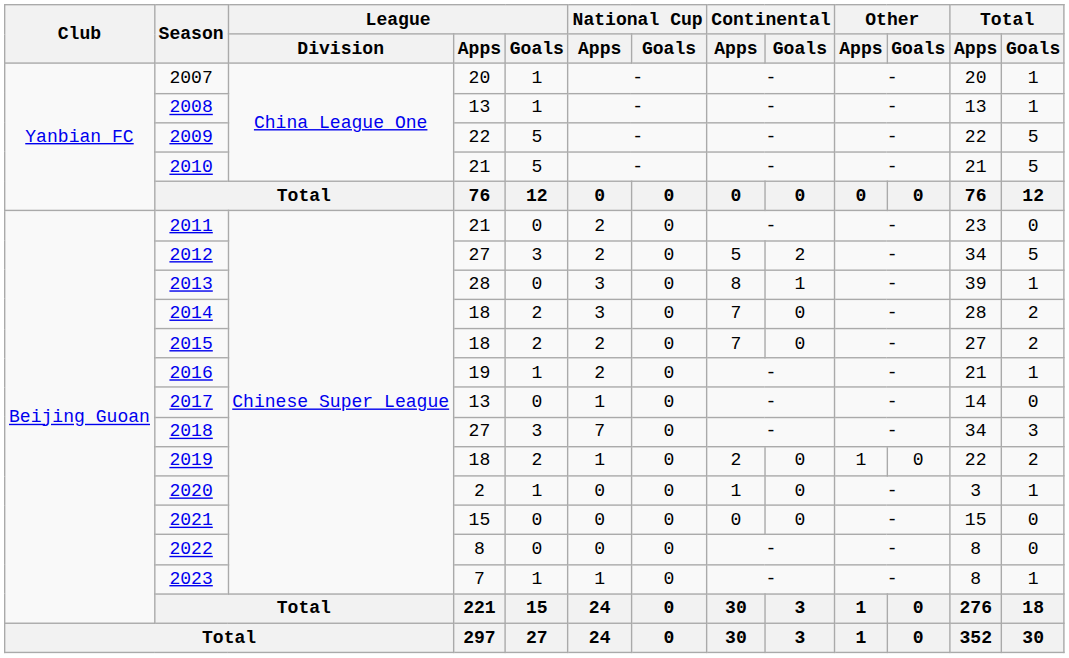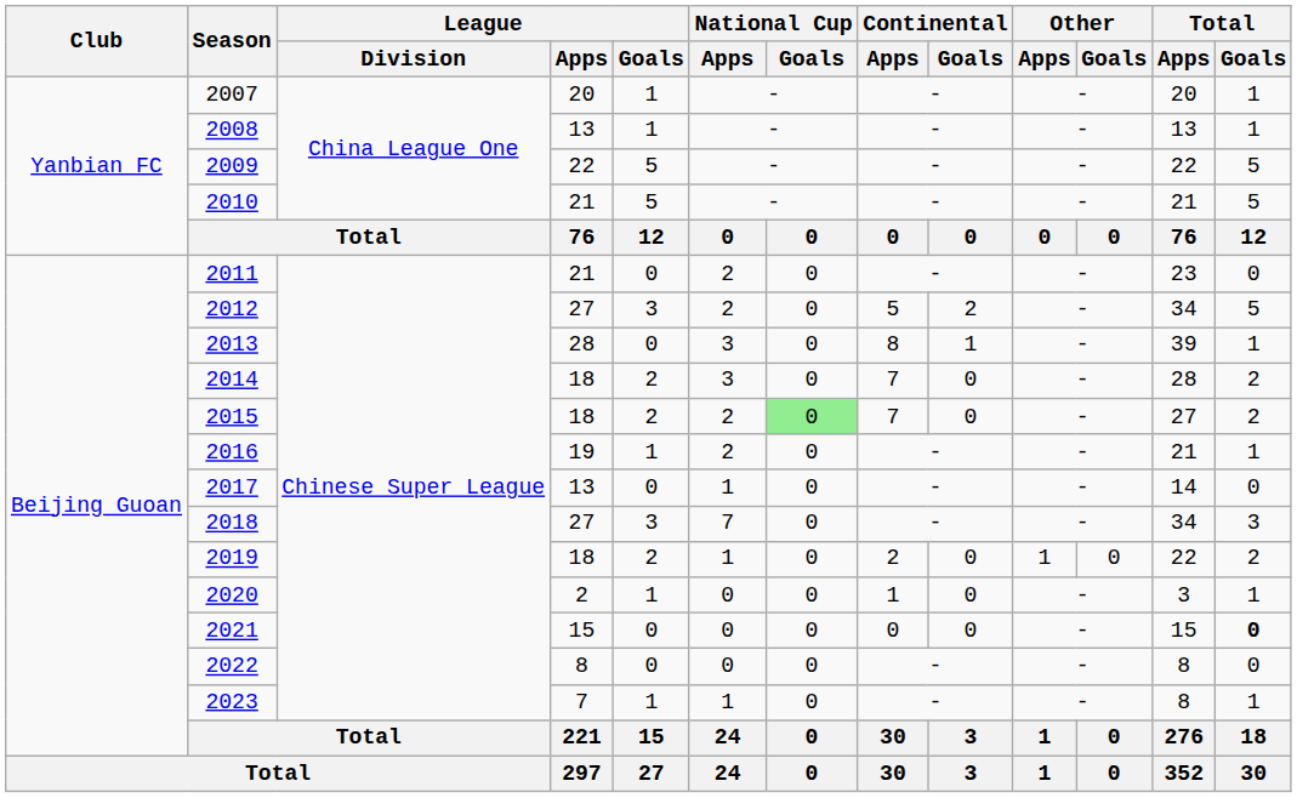 <table class="wikitable" style="text-align: center">
 <tr>
 <th rowspan="2">Club</th>
 <th rowspan="2">Season</th>
 <th colspan="3">League</th>
 <th colspan="2">National Cup</th>
 <th colspan="2">Continental</th>
 <th colspan="2">Other</th>
 <th colspan="2">Total</th>
 </tr>
 <tr>
 <th>Division</th>
 <th>Apps</th>
 <th>Goals</th>
 <th>Apps</th>
 <th>Goals</th>
 <th>Apps</th>
 <th>Goals</th>
 <th>Apps</th>
 <th>Goals</th>
 <th>Apps</th>
 <th>Goals</th>
 </tr>
 <tr>
 <td rowspan="5"><a href='#'>Yanbian FC</a></td>
 <td>2007</td>
 <td rowspan="4"><a href='#'>China League One</a></td>
 <td>20</td>
 <td>1</td>
 <td colspan="2">-</td>
 <td colspan="2">-</td>
 <td colspan="2">-</td>
 <td>20</td>
 <td>1</td>
 </tr>
 <tr>
 <td><a href='#'>2008</a></td>
 <td>13</td>
 <td>1</td>
 <td colspan="2">-</td>
 <td colspan="2">-</td>
 <td colspan="2">-</td>
 <td>13</td>
 <td>1</td>
 </tr>
 <tr>
 <td><a href='#'>2009</a></td>
 <td>22</td>
 <td>5</td>
 <td colspan="2">-</td>
 <td colspan="2">-</td>
 <td colspan="2">-</td>
 <td>22</td>
 <td>5</td>
 </tr>
 <tr>
 <td><a href='#'>2010</a></td>
 <td>21</td>
 <td>5</td>
 <td colspan="2">-</td>
 <td colspan="2">-</td>
 <td colspan="2">-</td>
 <td>21</td>
 <td>5</td>
 </tr>
 <tr>
 <th colspan="2"><strong>Total</strong></th>
 <th>76</th>
 <th>12</th>
 <th>0</th>
 <th>0</th>
 <th>0</th>
 <th>0</th>
 <th>0</th>
 <th>0</th>
 <th>76</th>
 <th>12</th>
 </tr>
 <tr>
 <td rowspan="14"><a href='#'>Beijing Guoan</a></td>
 <td><a href='#'>2011</a></td>
 <td rowspan="13"><a href='#'>Chinese Super League</a></td>
 <td>21</td>
 <td>0</td>
 <td>2</td>
 <td>0</td>
 <td colspan="2">-</td>
 <td colspan="2">-</td>
 <td>23</td>
 <td>0</td>
 </tr>
 <tr>
 <td><a href='#'>2012</a></td>
 <td>27</td>
 <td>3</td>
 <td>2</td>
 <td>0</td>
 <td>5</td>
 <td>2</td>
 <td colspan="2">-</td>
 <td>34</td>
 <td>5</td>
 </tr>
 <tr>
 <td><a href='#'>2013</a></td>
 <td>28</td>
 <td>0</td>
 <td>3</td>
 <td>0</td>
 <td>8</td>
 <td>1</td>
 <td colspan="2">-</td>
 <td>39</td>
 <td>1</td>
 </tr>
 <tr>
 <td><a href='#'>2014</a></td>
 <td>18</td>
 <td>2</td>
 <td>3</td>
 <td>0</td>
 <td>7</td>
 <td>0</td>
 <td colspan="2">-</td>
 <td>28</td>
 <td>2</td>
 </tr>
 <tr>
 <td><a href='#'>2015</a></td>
 <td>18</td>
 <td>2</td>
 <td>2</td>
-<td>0</td>
+<td style="background: lightgreen;">0</td>
 <td>7</td>
 <td>0</td>
 <td colspan="2">-</td>
 <td>27</td>
 <td>2</td>
 </tr>
 <tr>
 <td><a href='#'>2016</a></td>
 <td>19</td>
 <td>1</td>
 <td>2</td>
 <td>0</td>
 <td colspan="2">-</td>
 <td colspan="2">-</td>
 <td>21</td>
 <td>1</td>
 </tr>
 <tr>
 <td><a href='#'>2017</a></td>
 <td>13</td>
 <td>0</td>
 <td>1</td>
 <td>0</td>
 <td colspan="2">-</td>
 <td colspan="2">-</td>
 <td>14</td>
 <td>0</td>
 </tr>
 <tr>
 <td><a href='#'>2018</a></td>
 <td>27</td>
 <td>3</td>
 <td>7</td>
 <td>0</td>
 <td colspan="2">-</td>
 <td colspan="2">-</td>
 <td>34</td>
 <td>3</td>
 </tr>
 <tr>
 <td><a href='#'>2019</a></td>
 <td>18</td>
 <td>2</td>
 <td>1</td>
 <td>0</td>
 <td>2</td>
 <td>0</td>
 <td>1</td>
 <td>0</td>
 <td>22</td>
 <td>2</td>
 </tr>
 <tr>
 <td><a href='#'>2020</a></td>
 <td>2</td>
 <td>1</td>
 <td>0</td>
 <td>0</td>
 <td>1</td>
 <td>0</td>
 <td colspan="2">-</td>
 <td>3</td>
 <td>1</td>
 </tr>
 <tr>
 <td><a href='#'>2021</a></td>
 <td>15</td>
 <td>0</td>
 <td>0</td>
 <td>0</td>
 <td>0</td>
 <td>0</td>
 <td colspan="2">-</td>
 <td>15</td>
-<td>0</td>
+<td><strong>0</strong></td>
 </tr>
 <tr>
 <td><a href='#'>2022</a></td>
 <td>8</td>
 <td>0</td>
 <td>0</td>
 <td>0</td>
 <td colspan="2">-</td>
 <td colspan="2">-</td>
 <td>8</td>
 <td>0</td>
 </tr>
 <tr>
 <td><a href='#'>2023</a></td>
 <td>7</td>
 <td>1</td>
 <td>1</td>
 <td>0</td>
 <td colspan="2">-</td>
 <td colspan="2">-</td>
 <td>8</td>
 <td>1</td>
 </tr>
 <tr>
 <th colspan="2"><strong>Total</strong></th>
 <th>221</th>
 <th>15</th>
 <th>24</th>
 <th>0</th>
 <th>30</th>
 <th>3</th>
 <th>1</th>
 <th>0</th>
 <th>276</th>
 <th>18</th>
 </tr>
 <tr>
 <th colspan="3">Total</th>
 <th>297</th>
 <th>27</th>
 <th>24</th>
 <th>0</th>
 <th>30</th>
 <th>3</th>
 <th>1</th>
 <th>0</th>
 <th>352</th>
 <th>30</th>
 </tr>
 </table>
